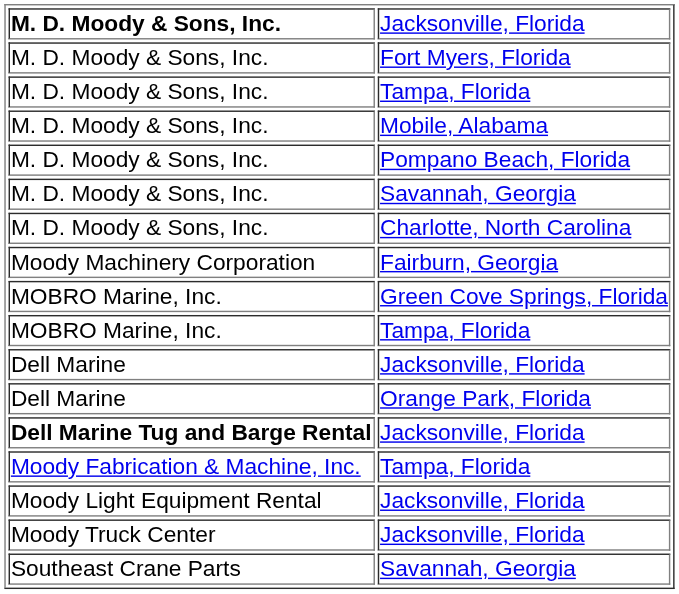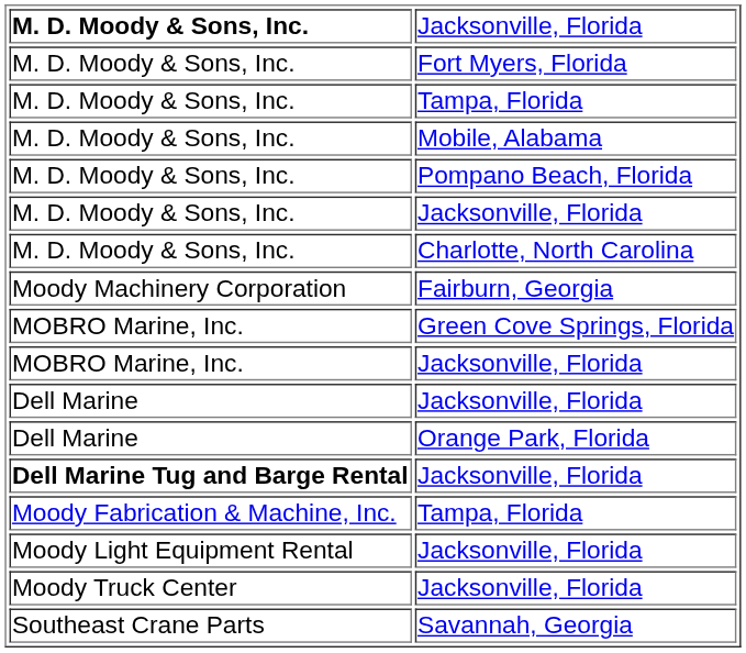 <table border="1" style="margin:1em auto;">
 <tr>
 <td><strong>M. D. Moody & Sons, Inc.</strong></td>
 <td><a href='#'>Jacksonville, Florida</a></td>
 </tr>
 <tr>
 <td>M. D. Moody & Sons, Inc.</td>
 <td><a href='#'>Fort Myers, Florida</a></td>
 </tr>
 <tr>
 <td>M. D. Moody & Sons, Inc.</td>
 <td><a href='#'>Tampa, Florida</a></td>
 </tr>
 <tr>
 <td>M. D. Moody & Sons, Inc.</td>
 <td><a href='#'>Mobile, Alabama</a></td>
 </tr>
 <tr>
 <td>M. D. Moody & Sons, Inc.</td>
 <td><a href='#'>Pompano Beach, Florida</a></td>
 </tr>
 <tr>
 <td>M. D. Moody & Sons, Inc.</td>
-<td><a href='#'>Savannah, Georgia</a></td>
+<td><a href='#'>Jacksonville, Florida</a></td>
 </tr>
 <tr>
 <td>M. D. Moody & Sons, Inc.</td>
 <td><a href='#'>Charlotte, North Carolina</a></td>
 </tr>
 <tr>
 <td>Moody Machinery Corporation</td>
 <td><a href='#'>Fairburn, Georgia</a></td>
 </tr>
 <tr>
 <td>MOBRO Marine, Inc.</td>
 <td><a href='#'>Green Cove Springs, Florida</a></td>
 </tr>
 <tr>
 <td>MOBRO Marine, Inc.</td>
-<td><a href='#'>Tampa, Florida</a></td>
+<td><a href='#'>Jacksonville, Florida</a></td>
 </tr>
 <tr>
 <td>Dell Marine</td>
 <td><a href='#'>Jacksonville, Florida</a></td>
 </tr>
 <tr>
 <td>Dell Marine</td>
 <td><a href='#'>Orange Park, Florida</a></td>
 </tr>
 <tr>
 <td><strong>Dell Marine Tug and Barge Rental</strong></td>
 <td><a href='#'>Jacksonville, Florida</a></td>
 </tr>
 <tr>
 <td><a href='#'>Moody Fabrication & Machine, Inc.</a></td>
 <td><a href='#'>Tampa, Florida</a></td>
 </tr>
 <tr>
 <td>Moody Light Equipment Rental</td>
 <td><a href='#'>Jacksonville, Florida</a></td>
 </tr>
 <tr>
 <td>Moody Truck Center</td>
 <td><a href='#'>Jacksonville, Florida</a></td>
 </tr>
 <tr>
 <td>Southeast Crane Parts</td>
 <td><a href='#'>Savannah, Georgia</a></td>
 </tr>
 </table>
